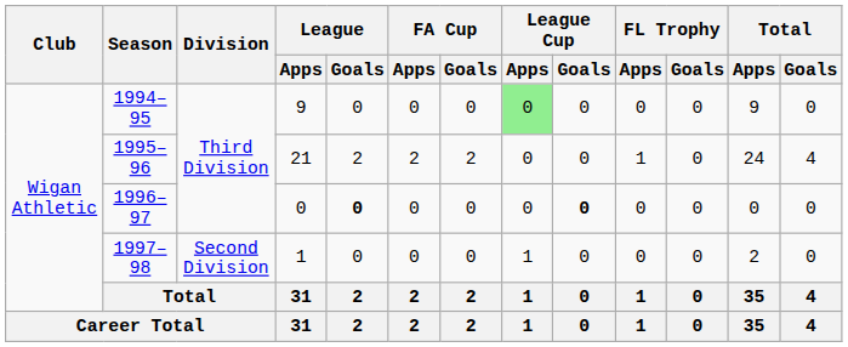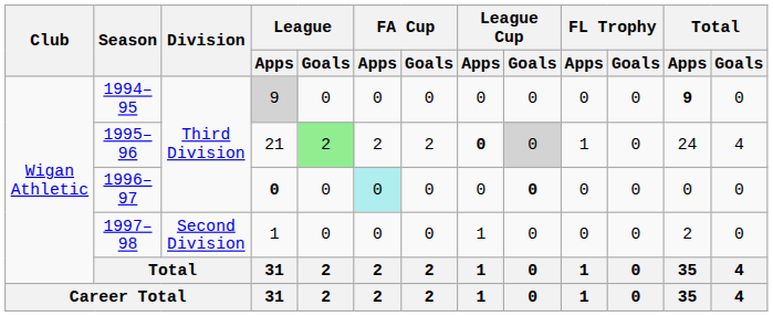 <table class="wikitable" style="text-align:center">
 <tr>
 <th rowspan="2">Club</th>
 <th rowspan="2">Season</th>
 <th rowspan="2">Division</th>
 <th colspan="2">League</th>
 <th colspan="2">FA Cup</th>
 <th colspan="2">League Cup</th>
 <th colspan="2">FL Trophy</th>
 <th colspan="2">Total</th>
 </tr>
 <tr>
 <th>Apps</th>
 <th>Goals</th>
 <th>Apps</th>
 <th>Goals</th>
 <th>Apps</th>
 <th>Goals</th>
 <th>Apps</th>
 <th>Goals</th>
 <th>Apps</th>
 <th>Goals</th>
 </tr>
 <tr>
 <td rowspan="5"><a href='#'>Wigan Athletic</a></td>
 <td><a href='#'>1994–95</a></td>
 <td rowspan="3"><a href='#'>Third Division</a></td>
-<td>9</td>
+<td style="background: lightgrey;">9</td>
 <td>0</td>
 <td>0</td>
 <td>0</td>
-<td style="background: lightgreen;">0</td>
 <td>0</td>
 <td>0</td>
 <td>0</td>
-<td>9</td>
+<td>0</td>
+<td><strong>9</strong></td>
 <td>0</td>
 </tr>
 <tr>
 <td><a href='#'>1995–96</a></td>
 <td>21</td>
+<td style="background: lightgreen;">2</td>
 <td>2</td>
 <td>2</td>
-<td>2</td>
-<td>0</td>
-<td>0</td>
+<td><strong>0</strong></td>
+<td style="background: lightgrey;">0</td>
 <td>1</td>
 <td>0</td>
 <td>24</td>
 <td>4</td>
 </tr>
 <tr>
 <td><a href='#'>1996–97</a></td>
-<td>0</td>
 <td><strong>0</strong></td>
 <td>0</td>
+<td style="background: paleturquoise;">0</td>
 <td>0</td>
 <td>0</td>
 <td><strong>0</strong></td>
 <td>0</td>
 <td>0</td>
 <td>0</td>
 <td>0</td>
 </tr>
 <tr>
 <td><a href='#'>1997–98</a></td>
 <td><a href='#'>Second Division</a></td>
 <td>1</td>
 <td>0</td>
 <td>0</td>
 <td>0</td>
 <td>1</td>
 <td>0</td>
 <td>0</td>
 <td>0</td>
 <td>2</td>
 <td>0</td>
 </tr>
 <tr>
 <th colspan="2">Total</th>
 <th>31</th>
 <th>2</th>
 <th>2</th>
 <th>2</th>
 <th>1</th>
 <th>0</th>
 <th>1</th>
 <th>0</th>
 <th>35</th>
 <th>4</th>
 </tr>
 <tr>
 <th colspan="3">Career Total</th>
 <th>31</th>
 <th>2</th>
 <th>2</th>
 <th>2</th>
 <th>1</th>
 <th>0</th>
 <th>1</th>
 <th>0</th>
 <th>35</th>
 <th>4</th>
 </tr>
 </table>
